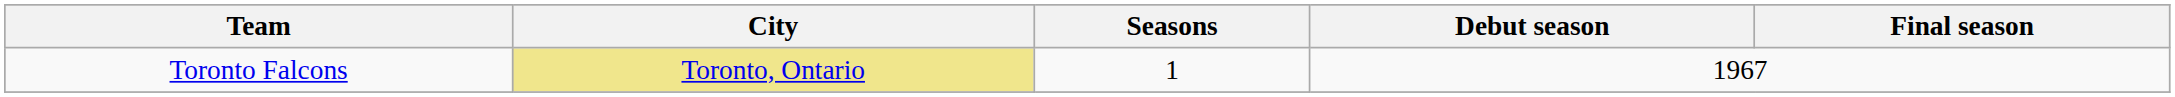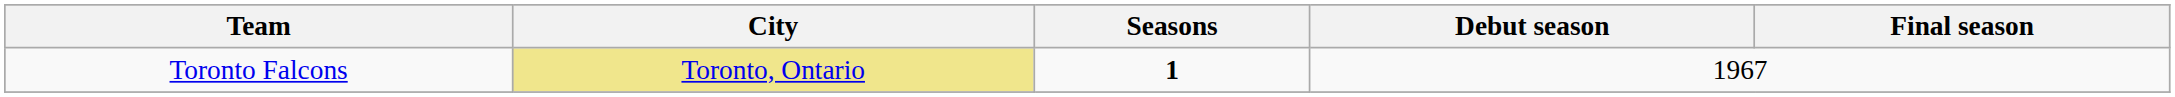 <table class="wikitable sortable" style="text-align: center; width:80%">
 <tr>
 <th>Team</th>
 <th>City</th>
 <th>Seasons</th>
 <th>Debut season</th>
 <th>Final season</th>
 </tr>
 <tr>
 <td><a href='#'>Toronto Falcons</a></td>
 <td style="background: khaki;"><a href='#'>Toronto, Ontario</a></td>
-<td>1</td>
+<td><strong>1</strong></td>
 <td colspan=2>1967</td>
 </tr>
 </table>
